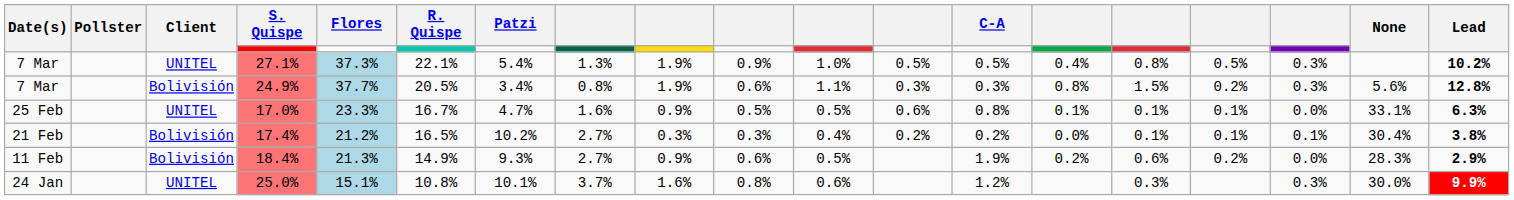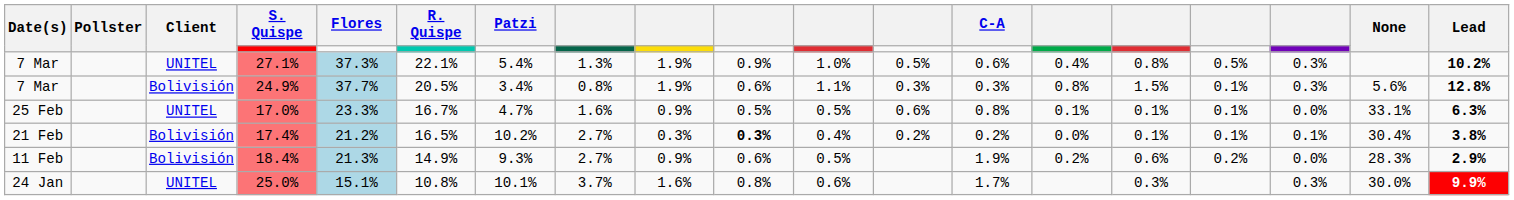 <table class="wikitable" style="font-size: 90%; text-align:center;">
 <tr>
 <th rowspan=2>Date(s)</th>
 <th rowspan=2>Pollster</th>
 <th rowspan=2>Client</th>
 <th style="width:60px"><a href='#'>S. Quispe</a></th>
 <th style="width:60px"><a href='#'>Flores</a></th>
 <th style="width:60px"><a href='#'>R. Quispe</a></th>
 <th style="width:60px"><a href='#'>Patzi</a></th>
 <th style="width:60px"></th>
 <th style="width:60px"></th>
 <th style="width:60px"></th>
 <th style="width:60px"></th>
 <th style="width:60px"></th>
 <th style="width:60px"><a href='#'>C-A</a></th>
 <th style="width:60px"></th>
 <th style="width:60px"></th>
 <th style="width:60px"></th>
 <th style="width:60px"></th>
 <th style="width:60px" rowspan=2>None</th>
 <th style="width:60px" rowspan=2>Lead</th>
 </tr>
 <tr>
 <td style="background:#FD0002;"></td>
 <td style="background:"></td>
 <td style="background:#00C9B0;"></td>
 <td style="background:"></td>
 <td style="background-color:#05654A;"></td>
 <td style="background:#FCDD09;"></td>
 <td style="background:"></td>
 <td style="background-color:#E02D33;"></td>
 <td style="background-color:"></td>
 <td style="background:"></td>
 <td style="background-color:#00AA49;"></td>
 <td style="background:#E02D33;"></td>
 <td style="background-color:"></td>
 <td style="background:#7102B9;"></td>
 </tr>
 <tr>
 <td>7 Mar</td>
 <td></td>
 <td><a href='#'>UNITEL</a></td>
 <td style="background:#FC7476">27.1%</td>
 <td style="background:#ADD8E6;">37.3%</td>
 <td>22.1%</td>
 <td>5.4%</td>
 <td>1.3%</td>
 <td>1.9%</td>
 <td>0.9%</td>
 <td>1.0%</td>
 <td>0.5%</td>
-<td>0.5%</td>
+<td>0.6%</td>
 <td>0.4%</td>
 <td>0.8%</td>
 <td>0.5%</td>
 <td>0.3%</td>
 <td></td>
 <td style="background:"><strong>10.2%</strong></td>
 </tr>
 <tr>
 <td>7 Mar</td>
 <td></td>
 <td><a href='#'>Bolivisión</a></td>
 <td style="background:#FC7476">24.9%</td>
 <td style="background:#ADD8E6;">37.7%</td>
 <td>20.5%</td>
 <td>3.4%</td>
 <td>0.8%</td>
 <td>1.9%</td>
 <td>0.6%</td>
 <td>1.1%</td>
 <td>0.3%</td>
 <td>0.3%</td>
 <td>0.8%</td>
 <td>1.5%</td>
-<td>0.2%</td>
+<td>0.1%</td>
 <td>0.3%</td>
 <td>5.6%</td>
 <td style="background:"><strong>12.8%</strong></td>
 </tr>
 <tr>
 <td>25 Feb</td>
 <td></td>
 <td><a href='#'>UNITEL</a></td>
 <td style="background:#FC7476">17.0%</td>
 <td style="background:#ADD8E6;">23.3%</td>
 <td>16.7%</td>
 <td>4.7%</td>
 <td>1.6%</td>
 <td>0.9%</td>
 <td>0.5%</td>
 <td>0.5%</td>
 <td>0.6%</td>
 <td>0.8%</td>
 <td>0.1%</td>
 <td>0.1%</td>
 <td>0.1%</td>
 <td>0.0%</td>
 <td>33.1%</td>
 <td style="background:"><strong>6.3%</strong></td>
 </tr>
 <tr>
 <td>21 Feb</td>
 <td></td>
 <td><a href='#'>Bolivisión</a></td>
 <td style="background:#FC7476">17.4%</td>
 <td style="background:#ADD8E6;">21.2%</td>
 <td>16.5%</td>
 <td>10.2%</td>
 <td>2.7%</td>
 <td>0.3%</td>
-<td>0.3%</td>
+<td><strong>0.3%</strong></td>
 <td>0.4%</td>
 <td>0.2%</td>
 <td>0.2%</td>
 <td>0.0%</td>
 <td>0.1%</td>
 <td>0.1%</td>
 <td>0.1%</td>
 <td>30.4%</td>
 <td style="background:"><strong>3.8%</strong></td>
 </tr>
 <tr>
 <td>11 Feb</td>
 <td></td>
 <td><a href='#'>Bolivisión</a></td>
 <td style="background:#FC7476">18.4%</td>
 <td style="background:#ADD8E6;">21.3%</td>
 <td>14.9%</td>
 <td>9.3%</td>
 <td>2.7%</td>
 <td>0.9%</td>
 <td>0.6%</td>
 <td>0.5%</td>
 <td></td>
 <td>1.9%</td>
 <td>0.2%</td>
 <td>0.6%</td>
 <td>0.2%</td>
 <td>0.0%</td>
 <td>28.3%</td>
 <td style="background:"><strong>2.9%</strong></td>
 </tr>
 <tr>
 <td>24 Jan</td>
 <td></td>
 <td><a href='#'>UNITEL</a></td>
 <td style="background:#FC7476">25.0%</td>
 <td style="background:#ADD8E6;">15.1%</td>
 <td>10.8%</td>
 <td>10.1%</td>
 <td>3.7%</td>
 <td>1.6%</td>
 <td>0.8%</td>
 <td>0.6%</td>
 <td></td>
-<td>1.2%</td>
+<td>1.7%</td>
 <td></td>
 <td>0.3%</td>
 <td></td>
 <td>0.3%</td>
 <td>30.0%</td>
 <td style="background:#FD0002; color:#FFFFFF;" data-sort-value="9.9%"><strong>9.9%</strong></td>
 </tr>
 </table>
